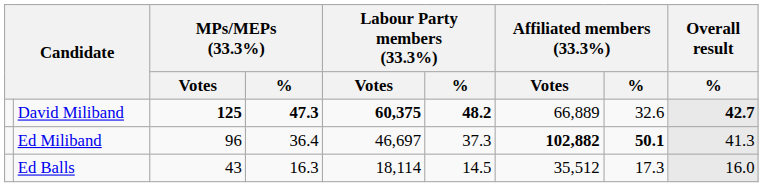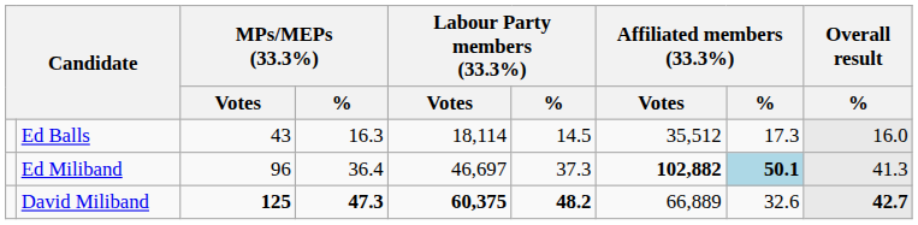 <table class="wikitable" style="font-size:95%;">
 <tr>
 <th colspan="2" scope="col" rowspan="2" style="width:125px;">Candidate</th>
 <th scope="col" colspan="2" style="width:150px;">MPs/MEPs <br> (33.3%)</th>
 <th scope="col" colspan="2" style="width:150px;">Labour Party members <br> (33.3%)</th>
 <th scope="col" colspan="2" style="width:150px;">Affiliated members <br> (33.3%)</th>
 <th scope="col" style="width:75px;">Overall result</th>
 </tr>
 <tr>
 <th>Votes</th>
 <th>%</th>
 <th>Votes</th>
 <th>%</th>
 <th>Votes</th>
 <th>%</th>
 <th>%</th>
 </tr>
 <tr style="text-align:right;">
 <td style="background-color: "></td>
+<td scope="row" style="text-align:left;"><a href='#'>Ed Balls</a> </td>
+<td>43</td>
+<td>16.3</td>
+<td>18,114</td>
+<td>14.5</td>
+<td>35,512</td>
+<td>17.3</td>
+<td style="background:#e9e9e9;">16.0</td>
+</tr>
+<tr style="text-align:right;">
+<td style="background-color: "></td>
+<td scope="row" style="text-align:left;"><a href='#'>Ed Miliband</a></td>
+<td>96</td>
+<td>36.4</td>
+<td>46,697</td>
+<td>37.3</td>
+<td><strong>102,882</strong></td>
+<td style="background: lightblue;"><strong>50.1</strong></td>
+<td style="background:#e9e9e9;">41.3</td>
+</tr>
+<tr style="text-align:right;">
+<td style="background-color: "></td>
 <td scope="row" style="text-align:left;"><a href='#'>David Miliband</a></td>
 <td><strong>125</strong></td>
 <td><strong>47.3</strong></td>
 <td><strong>60,375</strong></td>
 <td><strong>48.2</strong></td>
 <td>66,889</td>
 <td>32.6</td>
 <td style="background:#e9e9e9;"><strong>42.7</strong></td>
 </tr>
-<tr style="text-align:right;">
-<td style="background-color: "></td>
-<td scope="row" style="text-align:left;"><a href='#'>Ed Miliband</a></td>
-<td>96</td>
-<td>36.4</td>
-<td>46,697</td>
-<td>37.3</td>
-<td><strong>102,882</strong></td>
-<td><strong>50.1</strong></td>
-<td style="background:#e9e9e9;">41.3</td>
-</tr>
-<tr style="text-align:right;">
-<td style="background-color: "></td>
-<td scope="row" style="text-align:left;"><a href='#'>Ed Balls</a> </td>
-<td>43</td>
-<td>16.3</td>
-<td>18,114</td>
-<td>14.5</td>
-<td>35,512</td>
-<td>17.3</td>
-<td style="background:#e9e9e9;">16.0</td>
-</tr>
 </table>
